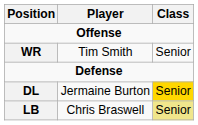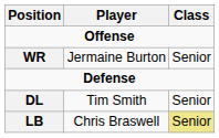 <table class="wikitable">
 <tr>
 <th>Position</th>
 <th>Player</th>
 <th>Class</th>
 </tr>
 <tr>
 <td colspan="4" style="text-align:center; "><strong>Offense</strong></td>
 </tr>
 <tr style="text-align:center;">
 <th rowspan="1">WR</th>
-<td>Tim Smith</td>
+<td>Jermaine Burton</td>
 <td>Senior</td>
 </tr>
 <tr>
 <td colspan="4" style="text-align:center; "><strong>Defense</strong></td>
 </tr>
 <tr style="text-align:center;">
 <th rowspan="1">DL</th>
-<td>Jermaine Burton</td>
-<td style="background: gold;">Senior</td>
+<td>Tim Smith</td>
+<td>Senior</td>
 </tr>
 <tr style="text-align:center;">
 <th rowspan="1">LB</th>
 <td>Chris Braswell</td>
 <td style="background: khaki;">Senior</td>
 </tr>
 </table>
